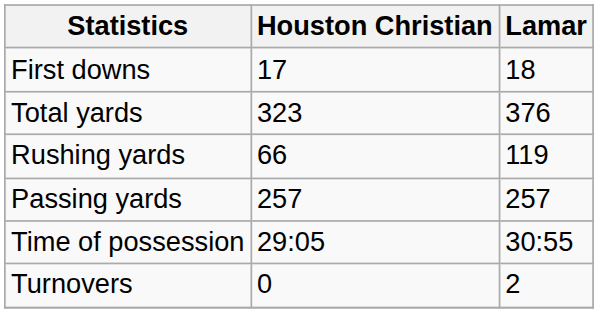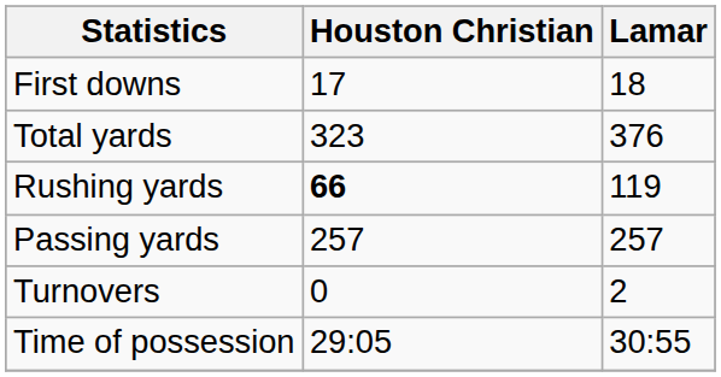 <table class="wikitable" style="float: left;">
 <tr>
 <th>Statistics</th>
 <th><strong>Houston Christian</strong></th>
 <th><strong>Lamar</strong></th>
 </tr>
 <tr>
 <td>First downs</td>
 <td>17</td>
 <td>18</td>
 </tr>
 <tr>
 <td>Total yards</td>
 <td>323</td>
 <td>376</td>
 </tr>
 <tr>
 <td>Rushing yards</td>
-<td>66</td>
+<td><strong>66</strong></td>
 <td>119</td>
 </tr>
 <tr>
 <td>Passing yards</td>
 <td>257</td>
 <td>257</td>
 </tr>
 <tr>
+<td>Turnovers</td>
+<td>0</td>
+<td>2</td>
+</tr>
+<tr>
 <td>Time of possession</td>
 <td>29:05</td>
 <td>30:55</td>
 </tr>
 <tr>
-<td>Turnovers</td>
-<td>0</td>
-<td>2</td>
-</tr>
-<tr>
 </tr>
 </table>
